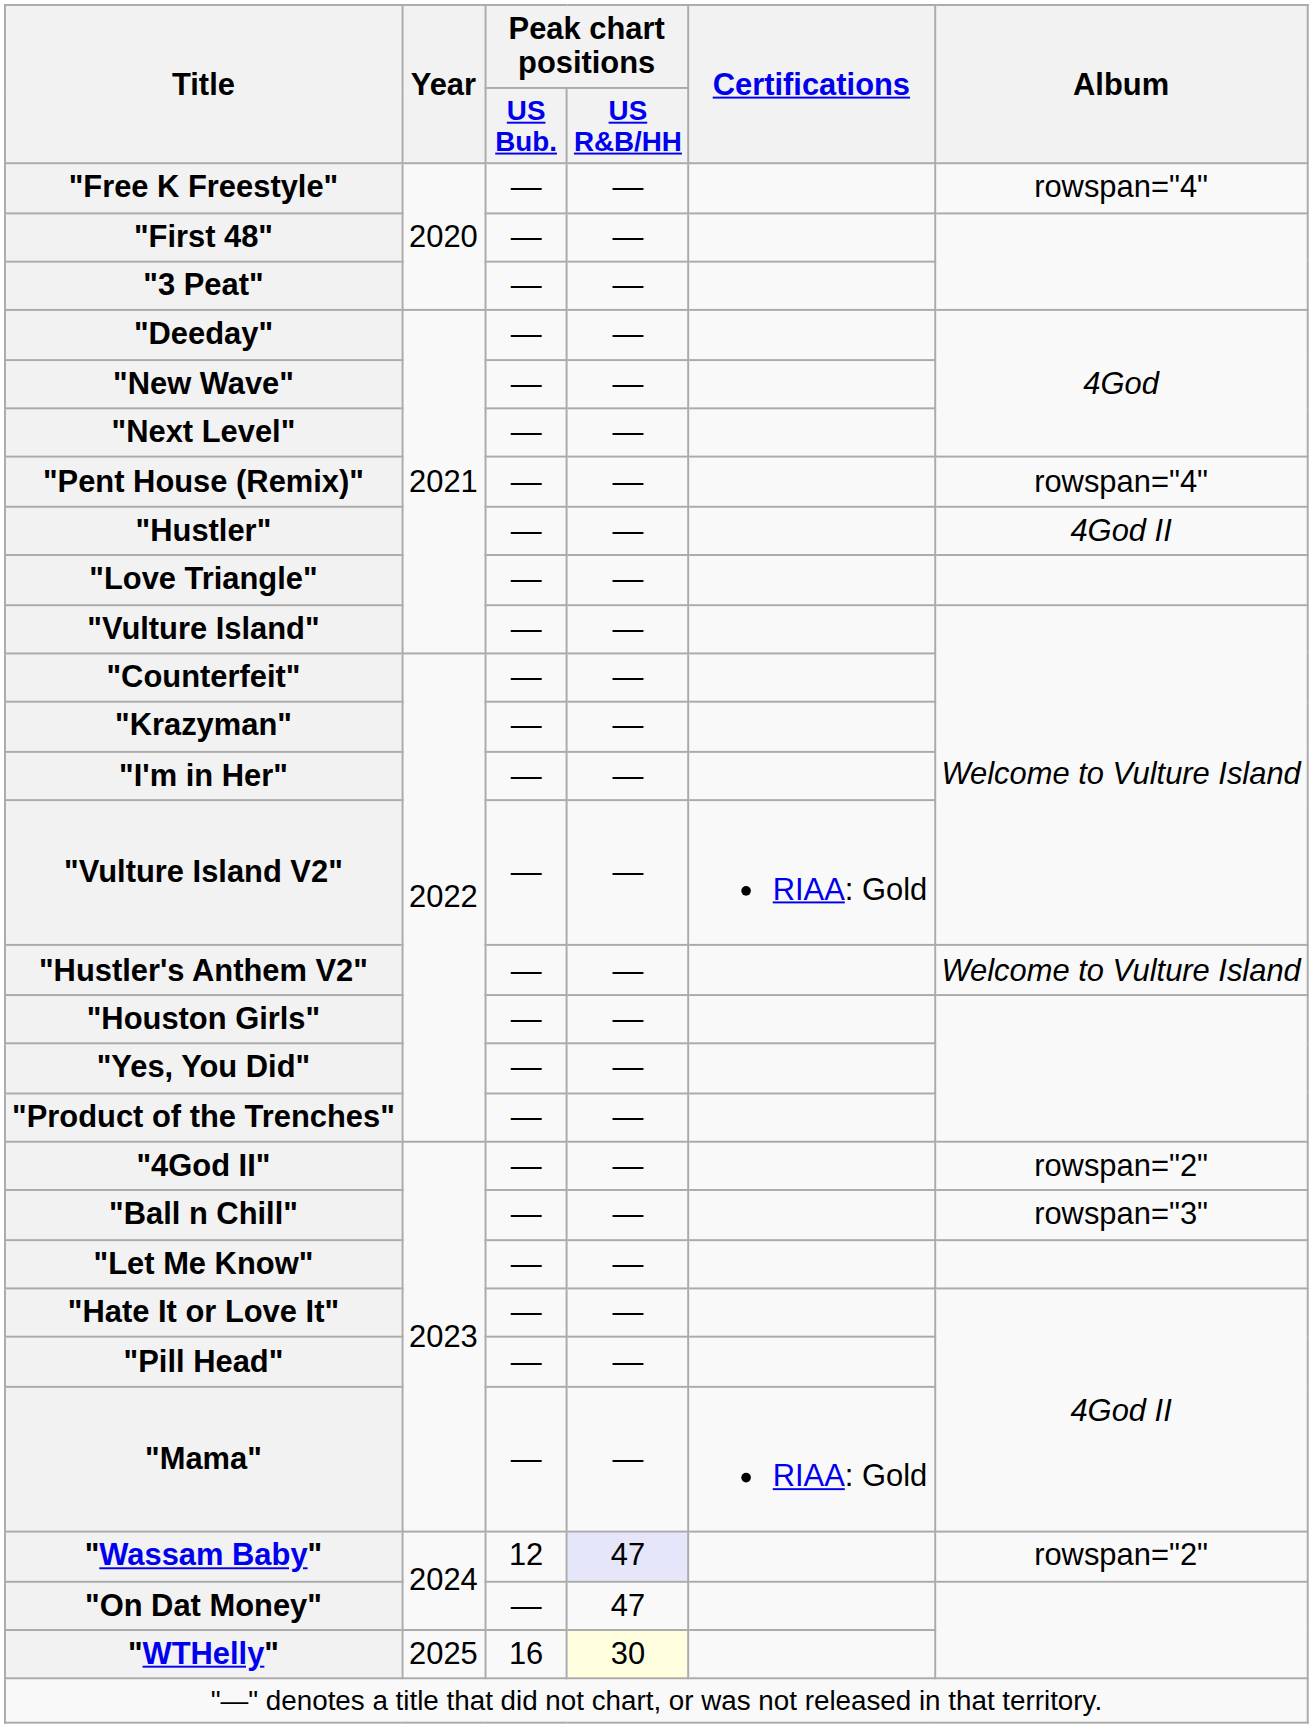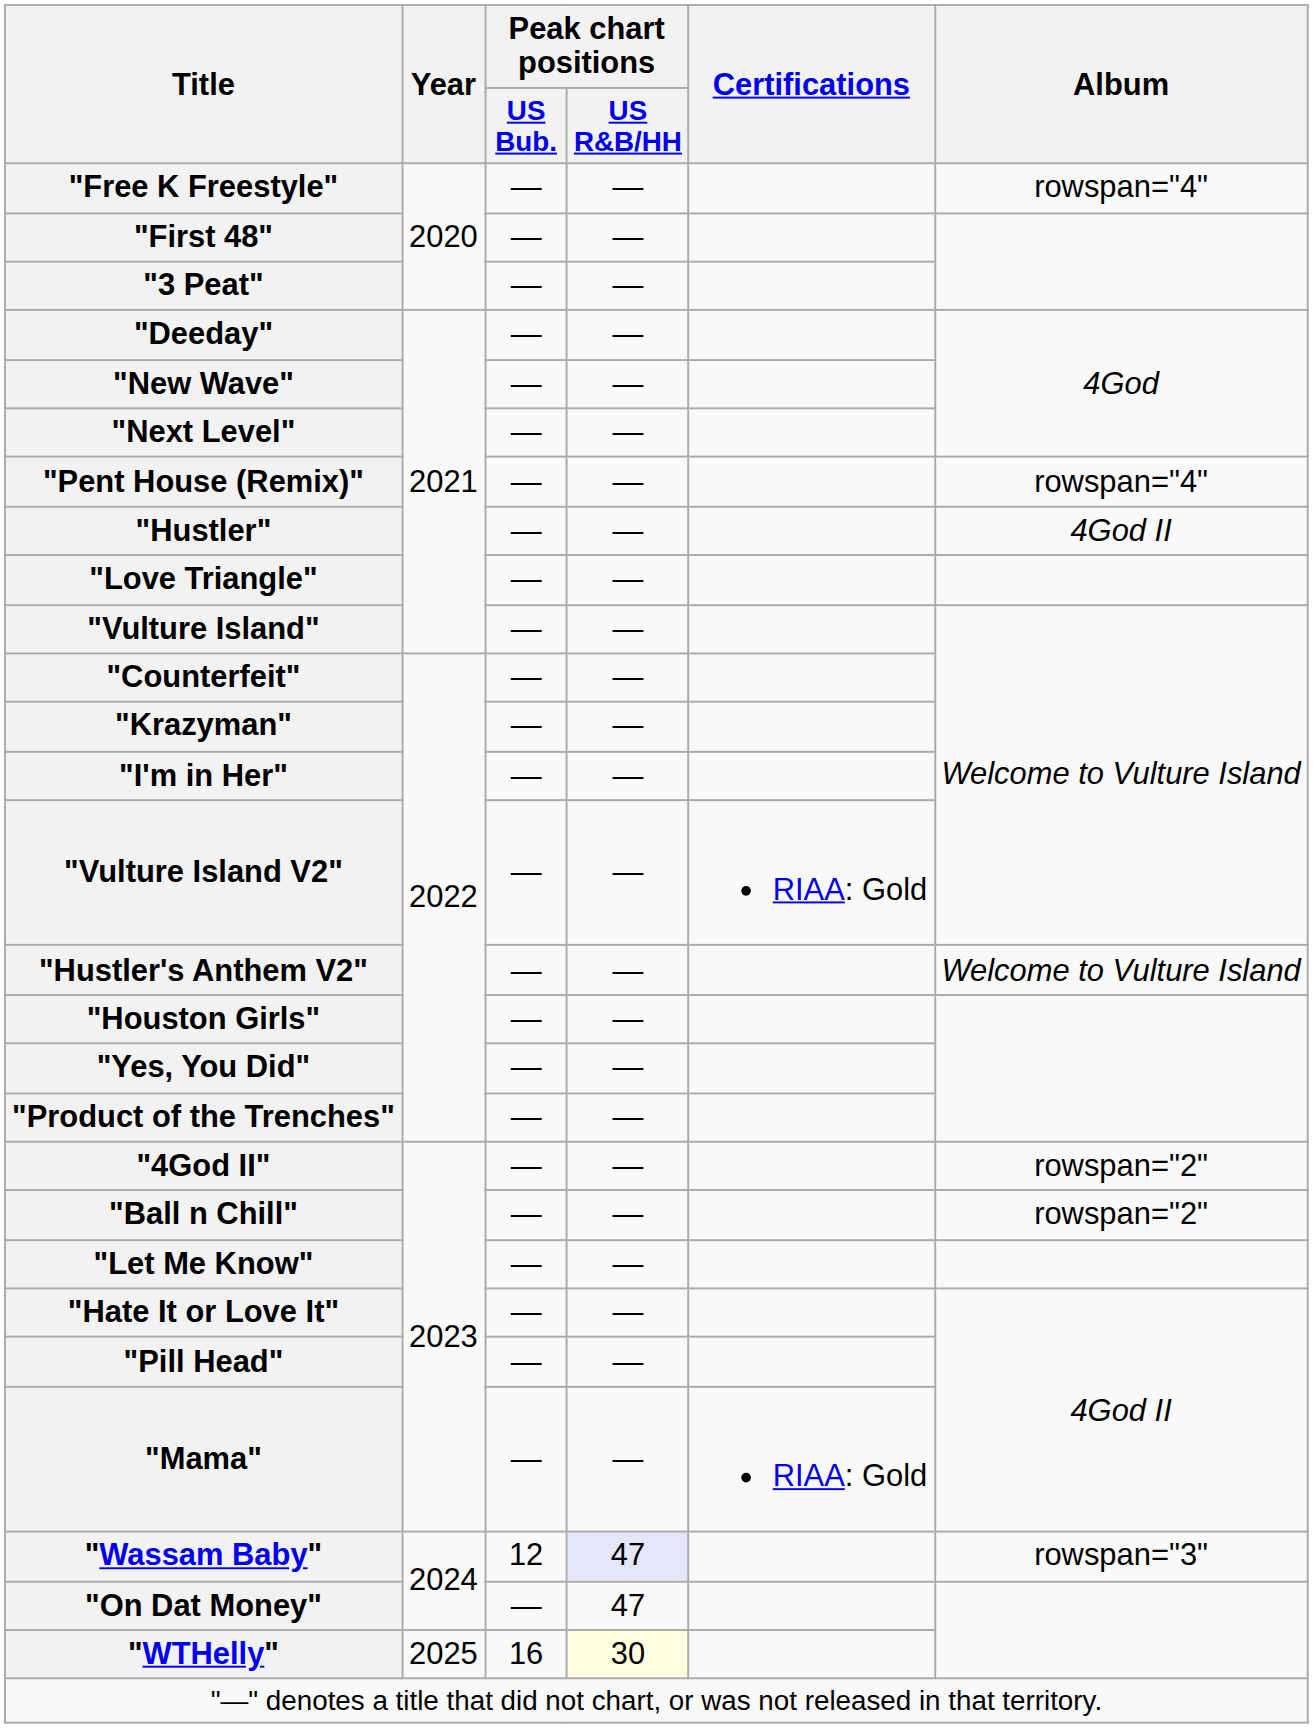 <table class="wikitable plainrowheaders" style="text-align:center;">
 <tr>
 <th scope="col" rowspan="2">Title</th>
 <th scope="col" rowspan="2">Year</th>
 <th scope="col" colspan="2">Peak chart positions</th>
 <th scope="col" rowspan="2"><a href='#'>Certifications</a></th>
 <th scope="col" rowspan="2">Album</th>
 </tr>
 <tr>
 <th scope="col" style="width:2.5em;font-size:90%;"><a href='#'>US<br>Bub.</a><br></th>
 <th scope="col" style="width:2.5em;font-size:90%;"><a href='#'>US<br>R&B/HH</a><br></th>
 </tr>
 <tr>
 <th scope="row">"Free K Freestyle"</th>
 <td rowspan="3">2020</td>
 <td>—</td>
 <td>—</td>
 <td></td>
 <td>rowspan="4" </td>
 </tr>
 <tr>
 <th scope="row">"First 48"</th>
 <td>—</td>
 <td>—</td>
 <td></td>
 </tr>
 <tr>
 <th scope="row">"3 Peat"<br></th>
 <td>—</td>
 <td>—</td>
 <td></td>
 </tr>
 <tr>
 <th scope="row">"Deeday"</th>
 <td rowspan="7">2021</td>
 <td>—</td>
 <td>—</td>
 <td></td>
 <td rowspan="3"><em>4God</em></td>
 </tr>
 <tr>
 <th scope="row">"New Wave"</th>
 <td>—</td>
 <td>—</td>
 <td></td>
 </tr>
 <tr>
 <th scope="row">"Next Level"</th>
 <td>—</td>
 <td>—</td>
 <td></td>
 </tr>
 <tr>
 <th scope="row">"Pent House (Remix)"<br></th>
 <td>—</td>
 <td>—</td>
 <td></td>
 <td>rowspan="4" </td>
 </tr>
 <tr>
 <th scope="row">"Hustler"</th>
 <td>—</td>
 <td>—</td>
 <td></td>
 <td><em>4God II</em></td>
 </tr>
 <tr>
 <th scope="row">"Love Triangle"</th>
 <td>—</td>
 <td>—</td>
 <td></td>
 </tr>
 <tr>
 <th scope="row">"Vulture Island"</th>
 <td>—</td>
 <td>—</td>
 <td></td>
 <td rowspan="5"><em>Welcome to Vulture Island</em></td>
 </tr>
 <tr>
 <th scope="row">"Counterfeit"<br></th>
 <td rowspan="8">2022</td>
 <td>—</td>
 <td>—</td>
 <td></td>
 </tr>
 <tr>
 <th scope="row">"Krazyman"</th>
 <td>—</td>
 <td>—</td>
 <td></td>
 </tr>
 <tr>
 <th scope="row">"I'm in Her"<br></th>
 <td>—</td>
 <td>—</td>
 <td></td>
 </tr>
 <tr>
 <th scope="row">"Vulture Island V2"<br></th>
 <td>—</td>
 <td>—</td>
 <td><br><ul><li><a href='#'>RIAA</a>: Gold</li></ul></td>
 </tr>
 <tr>
 <th scope="row">"Hustler's Anthem V2"<br></th>
 <td>—</td>
 <td>—</td>
 <td></td>
 <td><em>Welcome to Vulture Island</em></td>
 </tr>
 <tr>
 <th scope="row">"Houston Girls"</th>
 <td>—</td>
 <td>—</td>
 <td></td>
 </tr>
 <tr>
 <th scope="row">"Yes, You Did"<br></th>
 <td>—</td>
 <td>—</td>
 <td></td>
 </tr>
 <tr>
 <th scope="row">"Product of the Trenches"</th>
 <td>—</td>
 <td>—</td>
 <td></td>
 </tr>
 <tr>
 <th scope="row">"4God II"</th>
 <td rowspan="6">2023</td>
 <td>—</td>
 <td>—</td>
 <td></td>
 <td>rowspan="2" </td>
 </tr>
 <tr>
 <th scope="row">"Ball n Chill"</th>
 <td>—</td>
 <td>—</td>
 <td></td>
-<td>rowspan="3" </td>
+<td>rowspan="2" </td>
 </tr>
 <tr>
 <th scope="row">"Let Me Know"<br></th>
 <td>—</td>
 <td>—</td>
 <td></td>
 </tr>
 <tr>
 <th scope="row">"Hate It or Love It"<br></th>
 <td>—</td>
 <td>—</td>
 <td></td>
 <td rowspan="3"><em>4God II</em></td>
 </tr>
 <tr>
 <th scope="row">"Pill Head"</th>
 <td>—</td>
 <td>—</td>
 <td></td>
 </tr>
 <tr>
 <th scope="row">"Mama"<br></th>
 <td>—</td>
 <td>—</td>
 <td><br><ul><li><a href='#'>RIAA</a>: Gold</li></ul></td>
 </tr>
 <tr>
 <th scope="row">"<a href='#'>Wassam Baby</a>"<br></th>
 <td rowspan="2">2024</td>
 <td>12</td>
 <td style="background: lavender;">47</td>
 <td></td>
-<td>rowspan="2" </td>
+<td>rowspan="3" </td>
 </tr>
 <tr>
 <th scope="row">"On Dat Money"<br></th>
 <td>—</td>
 <td>47</td>
 <td></td>
 </tr>
 <tr>
 <th scope="row">"<a href='#'>WTHelly</a>"</th>
 <td>2025</td>
 <td>16</td>
 <td style="background: lightyellow;">30</td>
 <td></td>
 </tr>
 <tr>
 <td colspan="8" style="font-size:90%">"—" denotes a title that did not chart, or was not released in that territory.</td>
 </tr>
 </table>
